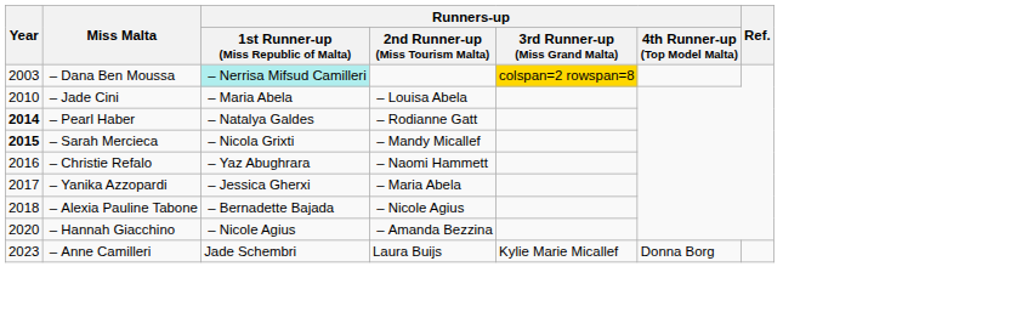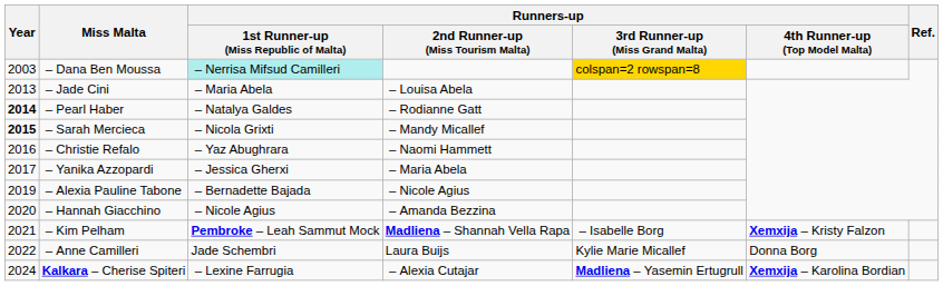 <table class="wikitable" style="font-size: 95%; text-align:left">
 <tr>
 <th rowspan=2>Year</th>
 <th rowspan=2>Miss Malta</th>
 <th colspan=4>Runners-up</th>
 <th rowspan=2>Ref.</th>
 </tr>
 <tr>
 <th>1st Runner-up<br><small>(Miss Republic of Malta)</small></th>
 <th>2nd Runner-up<br><small>(Miss Tourism Malta)</small></th>
 <th>3rd Runner-up<br><small>(Miss Grand Malta)</small></th>
 <th>4th Runner-up<br><small>(Top Model Malta)</small></th>
 </tr>
 <tr>
 <td>2003</td>
 <td><strong></strong> – Dana Ben Moussa</td>
 <td style="background: paleturquoise;"><strong></strong> – Nerrisa Mifsud Camilleri</td>
 <td></td>
 <td style="background: gold;">colspan=2 rowspan=8 </td>
 <td align=center></td>
 </tr>
 <tr>
-<td>2010</td>
+<td>2013</td>
 <td><strong></strong> – Jade Cini</td>
 <td><strong></strong> – Maria Abela</td>
 <td><strong></strong> – Louisa Abela</td>
 <td align=center></td>
 </tr>
 <tr>
 <td><strong>2014</strong></td>
 <td><strong></strong> – Pearl Haber</td>
 <td><strong></strong> – Natalya Galdes</td>
 <td><strong></strong> – Rodianne Gatt</td>
 <td align=center></td>
 </tr>
 <tr>
 <td><strong>2015</strong></td>
 <td><strong></strong> – Sarah Mercieca</td>
 <td><strong></strong> – Nicola Grixti</td>
 <td><strong></strong> – Mandy Micallef</td>
 <td align=center></td>
 </tr>
 <tr>
 <td>2016</td>
 <td><strong></strong> – Christie Refalo</td>
 <td><strong></strong> – Yaz Abughrara</td>
 <td><strong></strong> – Naomi Hammett</td>
 <td align=center></td>
 </tr>
 <tr>
 <td>2017</td>
 <td><strong></strong> – Yanika Azzopardi</td>
 <td><strong></strong> – Jessica Gherxi</td>
 <td><strong></strong> – Maria Abela</td>
 <td align=center></td>
 </tr>
 <tr>
-<td>2018</td>
+<td>2019</td>
 <td><strong></strong> – Alexia Pauline Tabone</td>
 <td><strong></strong> – Bernadette Bajada</td>
 <td><strong></strong> – Nicole Agius</td>
 <td align=center></td>
 </tr>
 <tr>
 <td>2020</td>
 <td><strong></strong> – Hannah Giacchino</td>
 <td><strong></strong> – Nicole Agius</td>
 <td><strong></strong> – Amanda Bezzina</td>
 <td align=center></td>
 </tr>
 <tr>
-<td>2023</td>
+<td>2021</td>
+<td><strong></strong> – Kim Pelham</td>
+<td><strong> <a href='#'>Pembroke</a></strong> – Leah Sammut Mock</td>
+<td><strong> <a href='#'>Madliena</a></strong> – Shannah Vella Rapa</td>
+<td><strong></strong> – Isabelle Borg</td>
+<td><strong> <a href='#'>Xemxija</a></strong> – Kristy Falzon</td>
+<td align=center></td>
+</tr>
+<tr>
+<td>2022</td>
 <td><strong></strong> – Anne Camilleri</td>
 <td>Jade Schembri</td>
 <td>Laura Buijs</td>
 <td>Kylie Marie Micallef</td>
 <td>Donna Borg</td>
 <td></td>
 </tr>
+<tr>
+<td>2024</td>
+<td><strong> <a href='#'>Kalkara</a></strong> – Cherise Spiteri</td>
+<td><strong></strong> – Lexine Farrugia</td>
+<td><strong></strong> – Alexia Cutajar</td>
+<td> <strong><a href='#'>Madliena</a></strong> – Yasemin Ertugrull</td>
+<td><strong> <a href='#'>Xemxija</a></strong> – Karolina Bordian</td>
+<td></td>
+</tr>
 </table>
